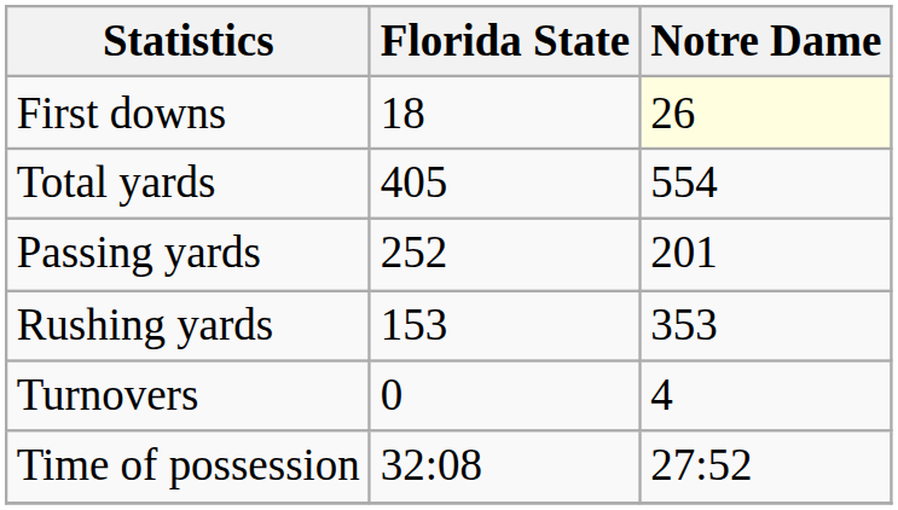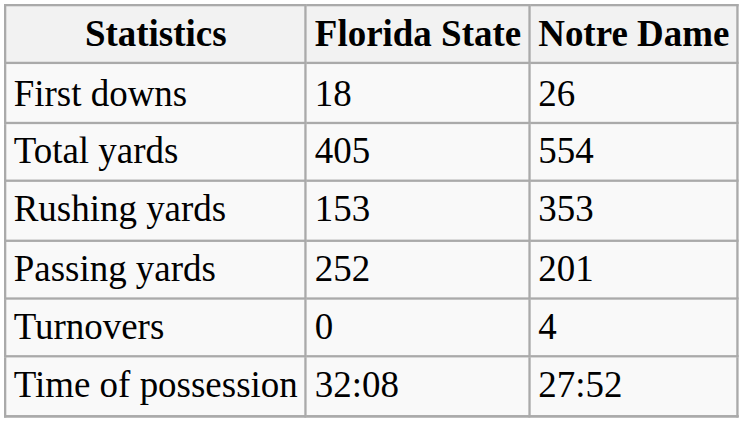 <table class="wikitable">
 <tr>
 <th>Statistics</th>
 <th>Florida State</th>
 <th>Notre Dame</th>
 </tr>
 <tr>
 <td>First downs</td>
 <td>18</td>
-<td style="background: lightyellow;">26</td>
+<td>26</td>
 </tr>
 <tr>
 <td>Total yards</td>
 <td>405</td>
 <td>554</td>
 </tr>
 <tr>
+<td>Rushing yards</td>
+<td>153</td>
+<td>353</td>
+</tr>
+<tr>
 <td>Passing yards</td>
 <td>252</td>
 <td>201</td>
-</tr>
-<tr>
-<td>Rushing yards</td>
-<td>153</td>
-<td>353</td>
 </tr>
 <tr>
 <td>Turnovers</td>
 <td>0</td>
 <td>4</td>
 </tr>
 <tr>
 <td>Time of possession</td>
 <td>32:08</td>
 <td>27:52</td>
 </tr>
 <tr>
 </tr>
 </table>
